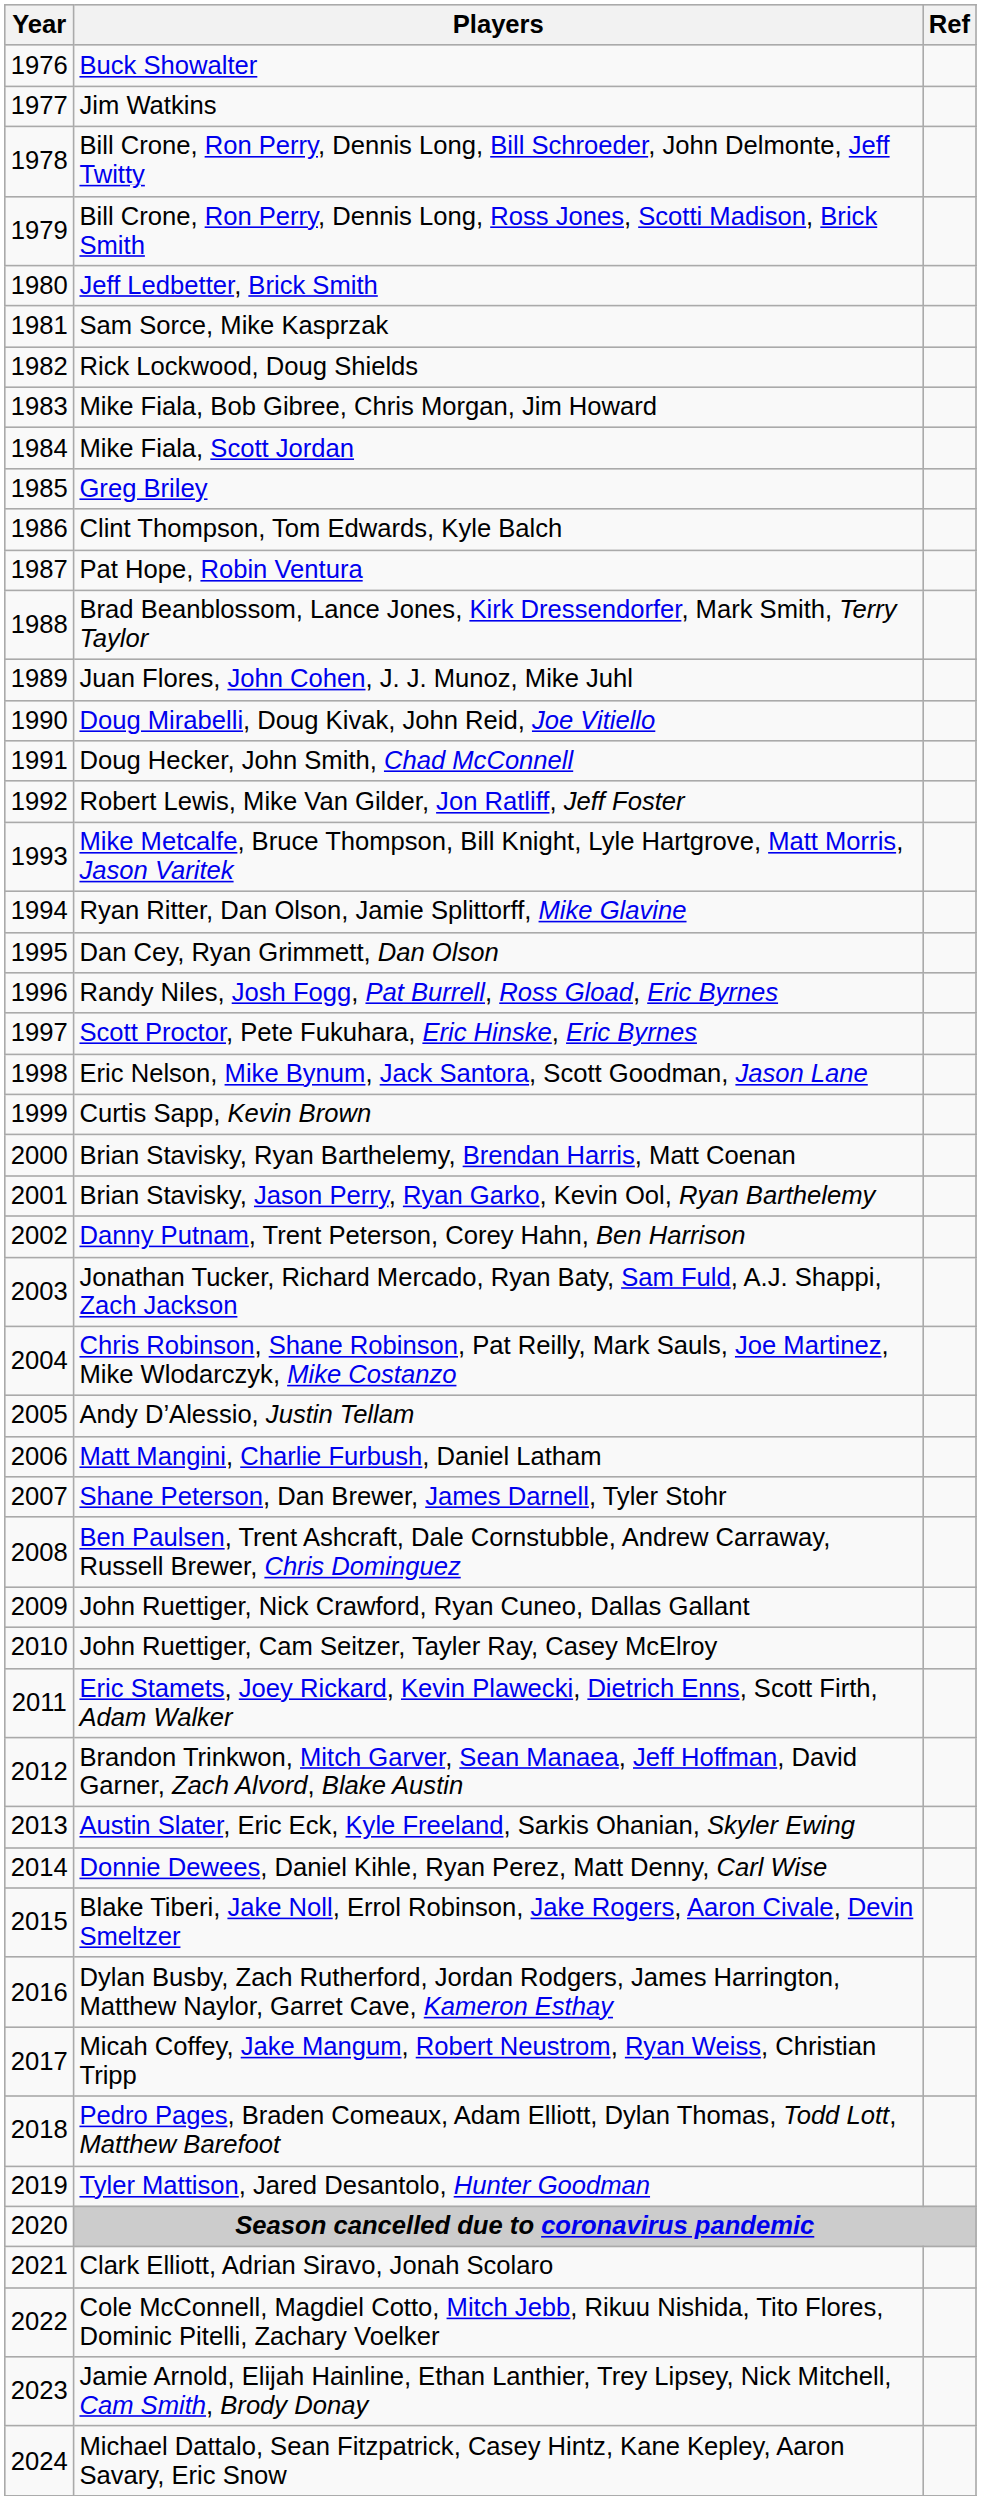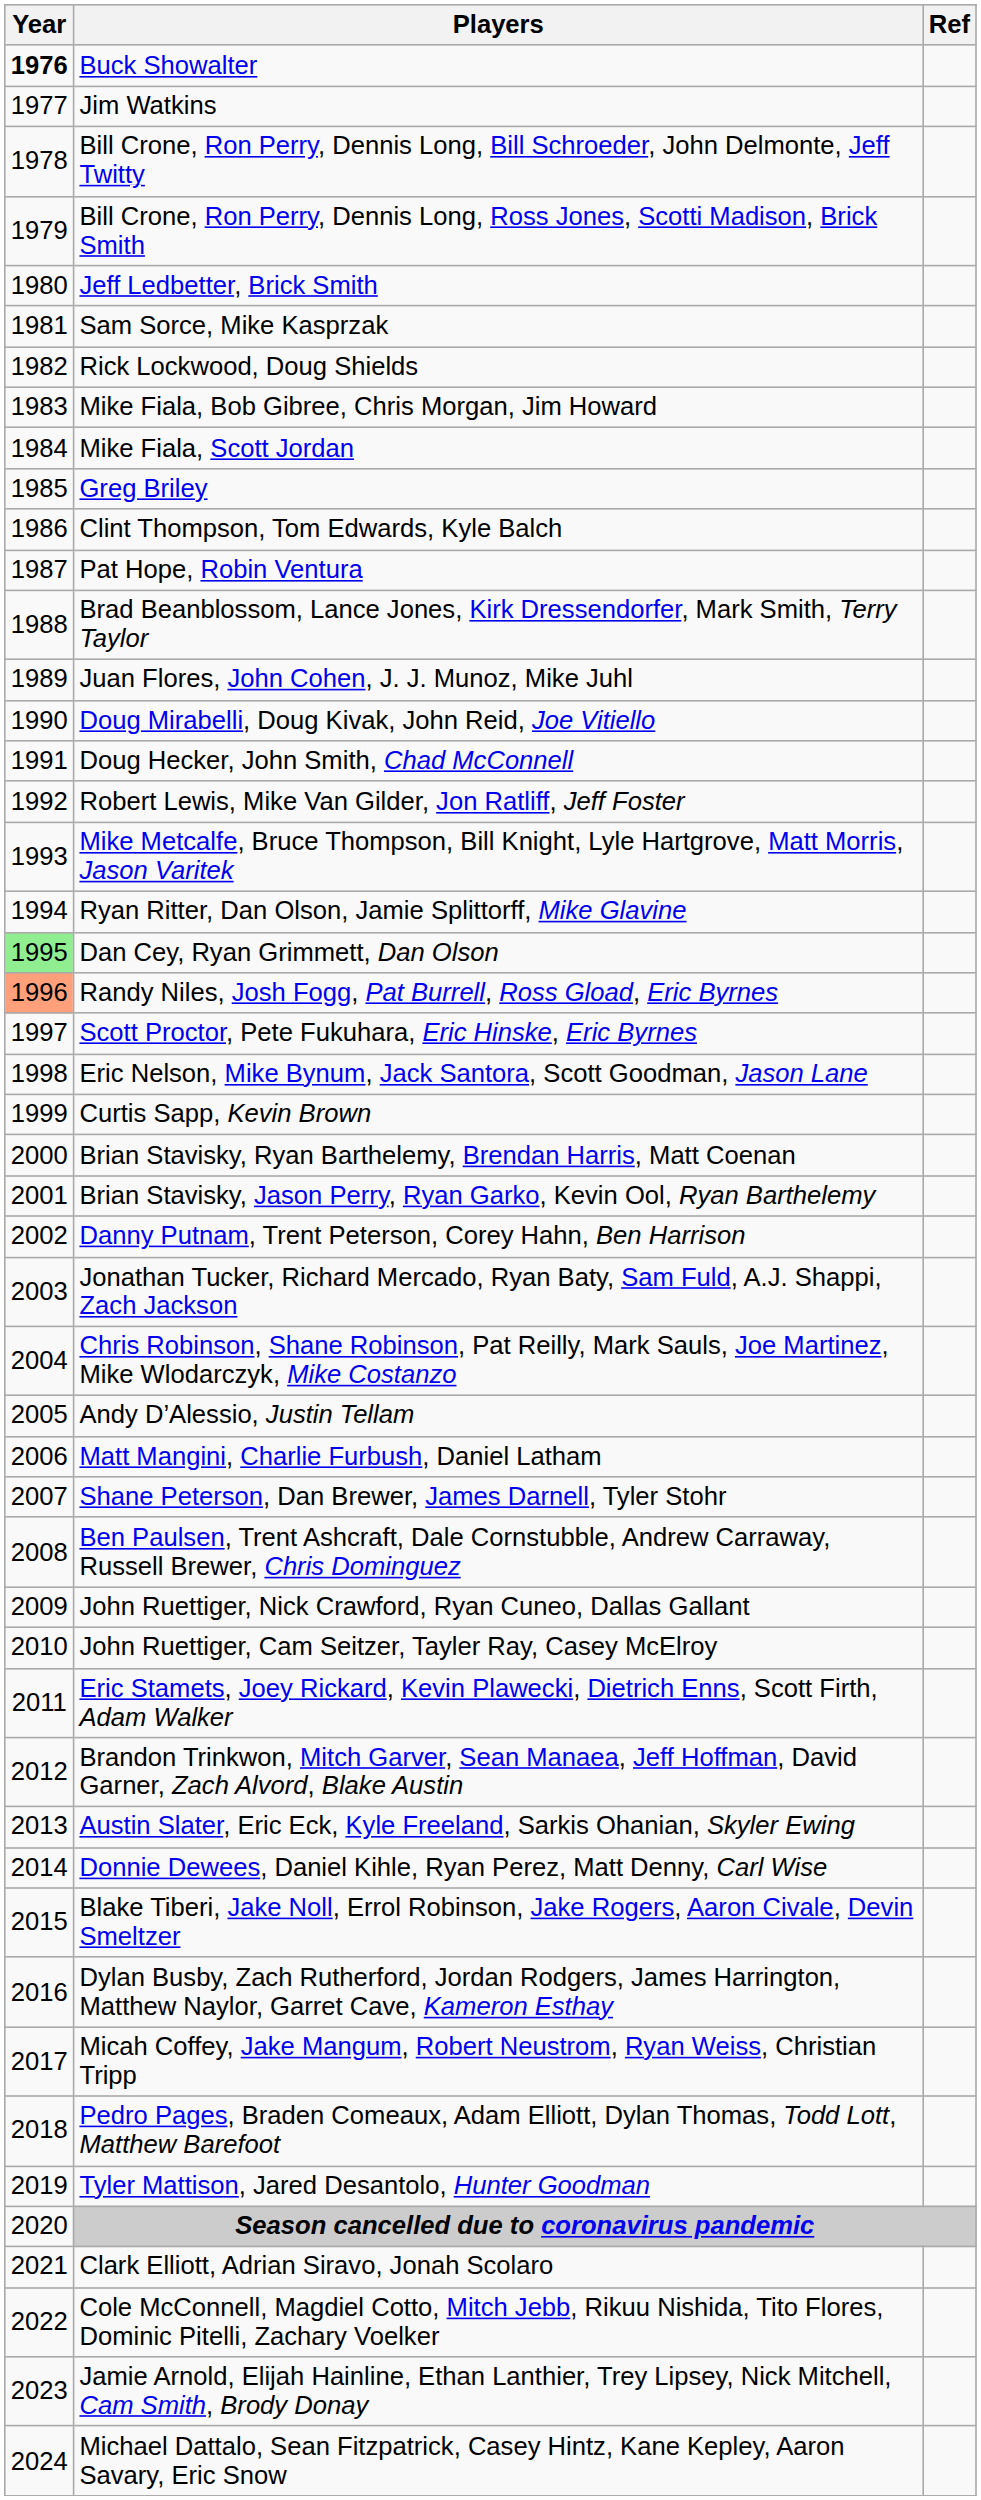 <table class="wikitable" style="text-align:center">
 <tr>
 <th scope="col">Year</th>
 <th scope="col">Players</th>
 <th scope="col">Ref</th>
 </tr>
 <tr>
-<td>1976</td>
+<td><strong>1976</strong></td>
 <td style="text-align:left"><a href='#'>Buck Showalter</a></td>
 <td></td>
 </tr>
 <tr>
 <td>1977</td>
 <td style="text-align:left">Jim Watkins</td>
 <td></td>
 </tr>
 <tr>
 <td>1978</td>
 <td style="text-align:left">Bill Crone, <a href='#'>Ron Perry</a>, Dennis Long, <a href='#'>Bill Schroeder</a>, John Delmonte, <a href='#'>Jeff Twitty</a></td>
 <td></td>
 </tr>
 <tr>
 <td>1979</td>
 <td style="text-align:left">Bill Crone, <a href='#'>Ron Perry</a>, Dennis Long, <a href='#'>Ross Jones</a>, <a href='#'>Scotti Madison</a>, <a href='#'>Brick Smith</a></td>
 <td></td>
 </tr>
 <tr>
 <td>1980</td>
 <td style="text-align:left"><a href='#'>Jeff Ledbetter</a>, <a href='#'>Brick Smith</a></td>
 <td></td>
 </tr>
 <tr>
 <td>1981</td>
 <td style="text-align:left">Sam Sorce, Mike Kasprzak</td>
 <td></td>
 </tr>
 <tr>
 <td>1982</td>
 <td style="text-align:left">Rick Lockwood, Doug Shields</td>
 <td></td>
 </tr>
 <tr>
 <td>1983</td>
 <td style="text-align:left">Mike Fiala, Bob Gibree, Chris Morgan, Jim Howard</td>
 <td></td>
 </tr>
 <tr>
 <td>1984</td>
 <td style="text-align:left">Mike Fiala, <a href='#'>Scott Jordan</a></td>
 <td></td>
 </tr>
 <tr>
 <td>1985</td>
 <td style="text-align:left"><a href='#'>Greg Briley</a></td>
 <td></td>
 </tr>
 <tr>
 <td>1986</td>
 <td style="text-align:left">Clint Thompson, Tom Edwards, Kyle Balch</td>
 <td></td>
 </tr>
 <tr>
 <td>1987</td>
 <td style="text-align:left">Pat Hope, <a href='#'>Robin Ventura</a></td>
 <td></td>
 </tr>
 <tr>
 <td>1988</td>
 <td style="text-align:left">Brad Beanblossom, Lance Jones, <a href='#'>Kirk Dressendorfer</a>, Mark Smith, <em>Terry Taylor</em></td>
 <td></td>
 </tr>
 <tr>
 <td>1989</td>
 <td style="text-align:left">Juan Flores, <a href='#'>John Cohen</a>, J. J. Munoz, Mike Juhl</td>
 <td></td>
 </tr>
 <tr>
 <td>1990</td>
 <td style="text-align:left"><a href='#'>Doug Mirabelli</a>, Doug Kivak, John Reid, <em><a href='#'>Joe Vitiello</a></em></td>
 <td></td>
 </tr>
 <tr>
 <td>1991</td>
 <td style="text-align:left">Doug Hecker, John Smith, <em><a href='#'>Chad McConnell</a></em></td>
 <td></td>
 </tr>
 <tr>
 <td>1992</td>
 <td style="text-align:left">Robert Lewis, Mike Van Gilder, <a href='#'>Jon Ratliff</a>, <em>Jeff Foster</em></td>
 <td></td>
 </tr>
 <tr>
 <td>1993</td>
 <td style="text-align:left"><a href='#'>Mike Metcalfe</a>, Bruce Thompson, Bill Knight, Lyle Hartgrove, <a href='#'>Matt Morris</a>, <em><a href='#'>Jason Varitek</a></em></td>
 <td></td>
 </tr>
 <tr>
 <td>1994</td>
 <td style="text-align:left">Ryan Ritter, Dan Olson, Jamie Splittorff, <em><a href='#'>Mike Glavine</a></em></td>
 <td></td>
 </tr>
 <tr>
-<td>1995</td>
+<td style="background: lightgreen;">1995</td>
 <td style="text-align:left">Dan Cey, Ryan Grimmett, <em>Dan Olson</em></td>
 <td></td>
 </tr>
 <tr>
-<td>1996</td>
+<td style="background: lightsalmon;">1996</td>
 <td style="text-align:left">Randy Niles, <a href='#'>Josh Fogg</a>, <em><a href='#'>Pat Burrell</a></em>, <em><a href='#'>Ross Gload</a></em>, <em><a href='#'>Eric Byrnes</a></em></td>
 <td></td>
 </tr>
 <tr>
 <td>1997</td>
 <td style="text-align:left"><a href='#'>Scott Proctor</a>, Pete Fukuhara, <em><a href='#'>Eric Hinske</a></em>, <em><a href='#'>Eric Byrnes</a></em></td>
 <td></td>
 </tr>
 <tr>
 <td>1998</td>
 <td style="text-align:left">Eric Nelson, <a href='#'>Mike Bynum</a>, <a href='#'>Jack Santora</a>, Scott Goodman, <em><a href='#'>Jason Lane</a></em></td>
 <td></td>
 </tr>
 <tr>
 <td>1999</td>
 <td style="text-align:left">Curtis Sapp, <em>Kevin Brown</em></td>
 <td></td>
 </tr>
 <tr>
 <td>2000</td>
 <td style="text-align:left">Brian Stavisky, Ryan Barthelemy, <a href='#'>Brendan Harris</a>, Matt Coenan</td>
 <td></td>
 </tr>
 <tr>
 <td>2001</td>
 <td style="text-align:left">Brian Stavisky, <a href='#'>Jason Perry</a>, <a href='#'>Ryan Garko</a>, Kevin Ool, <em>Ryan Barthelemy</em></td>
 <td></td>
 </tr>
 <tr>
 <td>2002</td>
 <td style="text-align:left"><a href='#'>Danny Putnam</a>, Trent Peterson, Corey Hahn, <em>Ben Harrison</em></td>
 <td></td>
 </tr>
 <tr>
 <td>2003</td>
 <td style="text-align:left">Jonathan Tucker, Richard Mercado, Ryan Baty, <a href='#'>Sam Fuld</a>, A.J. Shappi, <a href='#'>Zach Jackson</a></td>
 <td></td>
 </tr>
 <tr>
 <td>2004</td>
 <td style="text-align:left"><a href='#'>Chris Robinson</a>, <a href='#'>Shane Robinson</a>, Pat Reilly, Mark Sauls, <a href='#'>Joe Martinez</a>, Mike Wlodarczyk, <em><a href='#'>Mike Costanzo</a></em></td>
 <td></td>
 </tr>
 <tr>
 <td>2005</td>
 <td style="text-align:left">Andy D’Alessio, <em>Justin Tellam</em></td>
 <td></td>
 </tr>
 <tr>
 <td>2006</td>
 <td style="text-align:left"><a href='#'>Matt Mangini</a>, <a href='#'>Charlie Furbush</a>, Daniel Latham</td>
 <td></td>
 </tr>
 <tr>
 <td>2007</td>
 <td style="text-align:left"><a href='#'>Shane Peterson</a>, Dan Brewer, <a href='#'>James Darnell</a>, Tyler Stohr</td>
 <td></td>
 </tr>
 <tr>
 <td>2008</td>
 <td style="text-align:left"><a href='#'>Ben Paulsen</a>, Trent Ashcraft, Dale Cornstubble, Andrew Carraway, Russell Brewer, <em><a href='#'>Chris Dominguez</a></em></td>
 <td></td>
 </tr>
 <tr>
 <td>2009</td>
 <td style="text-align:left">John Ruettiger, Nick Crawford, Ryan Cuneo, Dallas Gallant</td>
 <td></td>
 </tr>
 <tr>
 <td>2010</td>
 <td style="text-align:left">John Ruettiger, Cam Seitzer, Tayler Ray, Casey McElroy</td>
 <td></td>
 </tr>
 <tr>
 <td>2011</td>
 <td style="text-align:left"><a href='#'>Eric Stamets</a>, <a href='#'>Joey Rickard</a>, <a href='#'>Kevin Plawecki</a>, <a href='#'>Dietrich Enns</a>, Scott Firth, <em>Adam Walker</em></td>
 <td></td>
 </tr>
 <tr>
 <td>2012</td>
 <td style="text-align:left">Brandon Trinkwon, <a href='#'>Mitch Garver</a>, <a href='#'>Sean Manaea</a>, <a href='#'>Jeff Hoffman</a>, David Garner, <em>Zach Alvord</em>, <em>Blake Austin</em></td>
 <td></td>
 </tr>
 <tr>
 <td>2013</td>
 <td style="text-align:left"><a href='#'>Austin Slater</a>, Eric Eck, <a href='#'>Kyle Freeland</a>, Sarkis Ohanian, <em>Skyler Ewing</em></td>
 <td></td>
 </tr>
 <tr>
 <td>2014</td>
 <td style="text-align:left"><a href='#'>Donnie Dewees</a>, Daniel Kihle, Ryan Perez, Matt Denny, <em>Carl Wise</em></td>
 <td></td>
 </tr>
 <tr>
 <td>2015</td>
 <td style="text-align:left">Blake Tiberi, <a href='#'>Jake Noll</a>, Errol Robinson, <a href='#'>Jake Rogers</a>, <a href='#'>Aaron Civale</a>, <a href='#'>Devin Smeltzer</a></td>
 <td></td>
 </tr>
 <tr>
 <td>2016</td>
 <td style="text-align:left">Dylan Busby, Zach Rutherford, Jordan Rodgers, James Harrington, Matthew Naylor, Garret Cave, <em><a href='#'>Kameron Esthay</a></em></td>
 <td></td>
 </tr>
 <tr>
 <td>2017</td>
 <td style="text-align:left">Micah Coffey, <a href='#'>Jake Mangum</a>, <a href='#'>Robert Neustrom</a>, <a href='#'>Ryan Weiss</a>, Christian Tripp</td>
 <td></td>
 </tr>
 <tr>
 <td>2018</td>
 <td style="text-align:left"><a href='#'>Pedro Pages</a>, Braden Comeaux, Adam Elliott, Dylan Thomas, <em>Todd Lott</em>, <em>Matthew Barefoot</em></td>
 <td></td>
 </tr>
 <tr>
 <td>2019</td>
 <td style="text-align:left"><a href='#'>Tyler Mattison</a>, Jared Desantolo, <em><a href='#'>Hunter Goodman</a></em></td>
 <td></td>
 </tr>
 <tr>
 <td>2020</td>
 <td colspan="2" align="center" bgcolor=#cccccc><strong><em>Season cancelled due to <a href='#'>coronavirus pandemic</a></em></strong></td>
 </tr>
 <tr>
 <td>2021</td>
 <td style="text-align:left">Clark Elliott, Adrian Siravo, Jonah Scolaro</td>
 <td></td>
 </tr>
 <tr>
 <td>2022</td>
 <td style="text-align:left">Cole McConnell, Magdiel Cotto, <a href='#'>Mitch Jebb</a>, Rikuu Nishida, Tito Flores, Dominic Pitelli, Zachary Voelker</td>
 <td></td>
 </tr>
 <tr>
 <td>2023</td>
 <td style="text-align:left">Jamie Arnold, Elijah Hainline, Ethan Lanthier, Trey Lipsey, Nick Mitchell, <em><a href='#'>Cam Smith</a></em>, <em>Brody Donay</em></td>
 <td></td>
 </tr>
 <tr>
 <td>2024</td>
 <td style="text-align:left">Michael Dattalo, Sean Fitzpatrick, Casey Hintz, Kane Kepley, Aaron Savary, Eric Snow</td>
 <td></td>
 </tr>
 <tr>
 </tr>
 </table>
